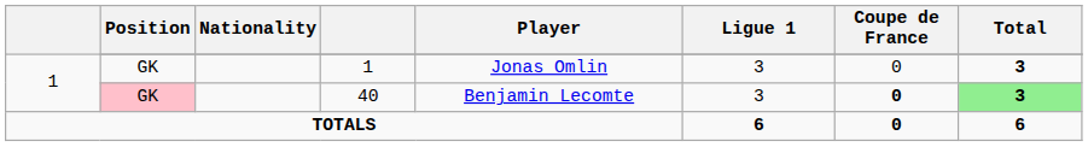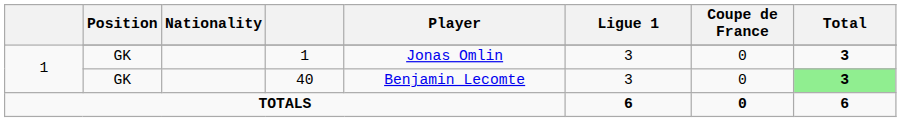 <table class="wikitable" style="font-size: 95%; text-align: center;">
 <tr>
 <th width=60></th>
 <th width=60>Position</th>
 <th width=80>Nationality</th>
 <th width=60></th>
 <th width=180>Player</th>
 <th width=100>Ligue 1</th>
 <th width=80>Coupe de France</th>
 <th width=80>Total</th>
 </tr>
 <tr>
 <td rowspan="3">1</td>
 </tr>
 <tr>
 <td>GK</td>
 <td></td>
 <td>1</td>
 <td><a href='#'>Jonas Omlin</a></td>
 <td>3</td>
 <td>0</td>
 <td><strong>3</strong></td>
 </tr>
 <tr>
-<td style="background: pink;">GK</td>
+<td>GK</td>
 <td></td>
 <td>40</td>
 <td><a href='#'>Benjamin Lecomte</a></td>
 <td>3</td>
-<td><strong>0</strong></td>
+<td>0</td>
 <td style="background: lightgreen;"><strong>3</strong></td>
 </tr>
 <tr>
 <td colspan=5><strong>TOTALS</strong></td>
 <td><strong>6</strong></td>
 <td><strong>0</strong></td>
 <td><strong>6</strong></td>
 </tr>
 </table>
